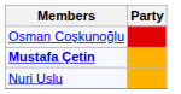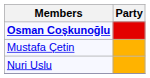 <table class=wikitable style="border:1px solid #8888aa; background-color:#f7f8ff; padding:0px; font-size:90%;">
 <tr>
 <th>Members</th>
 <th colspan="2">Party</th>
 </tr>
 <tr>
-<td><a href='#'>Osman Coşkunoğlu</a></td>
+<td><strong><a href='#'>Osman Coşkunoğlu</a></strong></td>
 <td style="background: #e30000"></td>
 </tr>
 <tr>
-<td><strong><a href='#'>Mustafa Çetin</a></strong></td>
+<td><a href='#'>Mustafa Çetin</a></td>
 <td style="background: #ffb300"></td>
 </tr>
 <tr>
 <td><a href='#'>Nuri Uslu</a></td>
 <td style="background: #ffb300"></td>
 </tr>
 <tr>
 </tr>
 </table>
